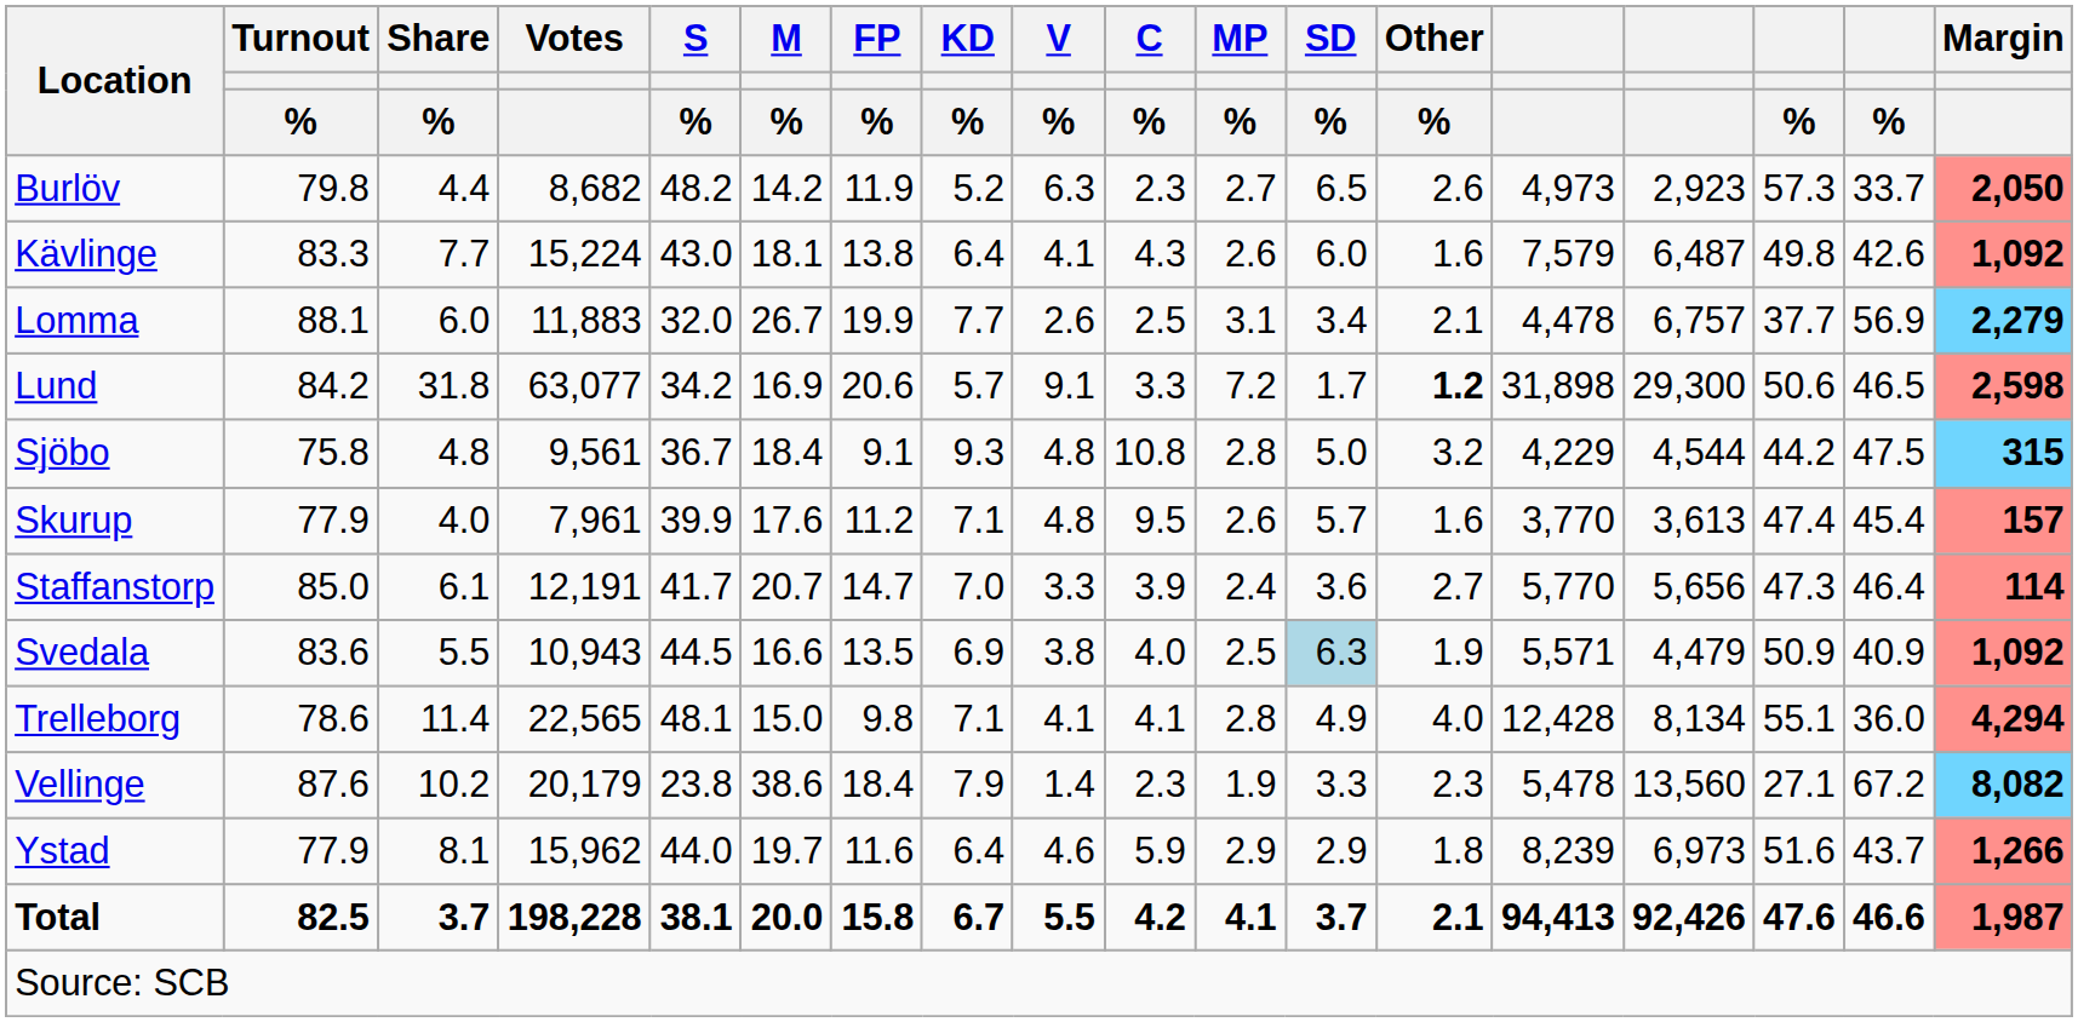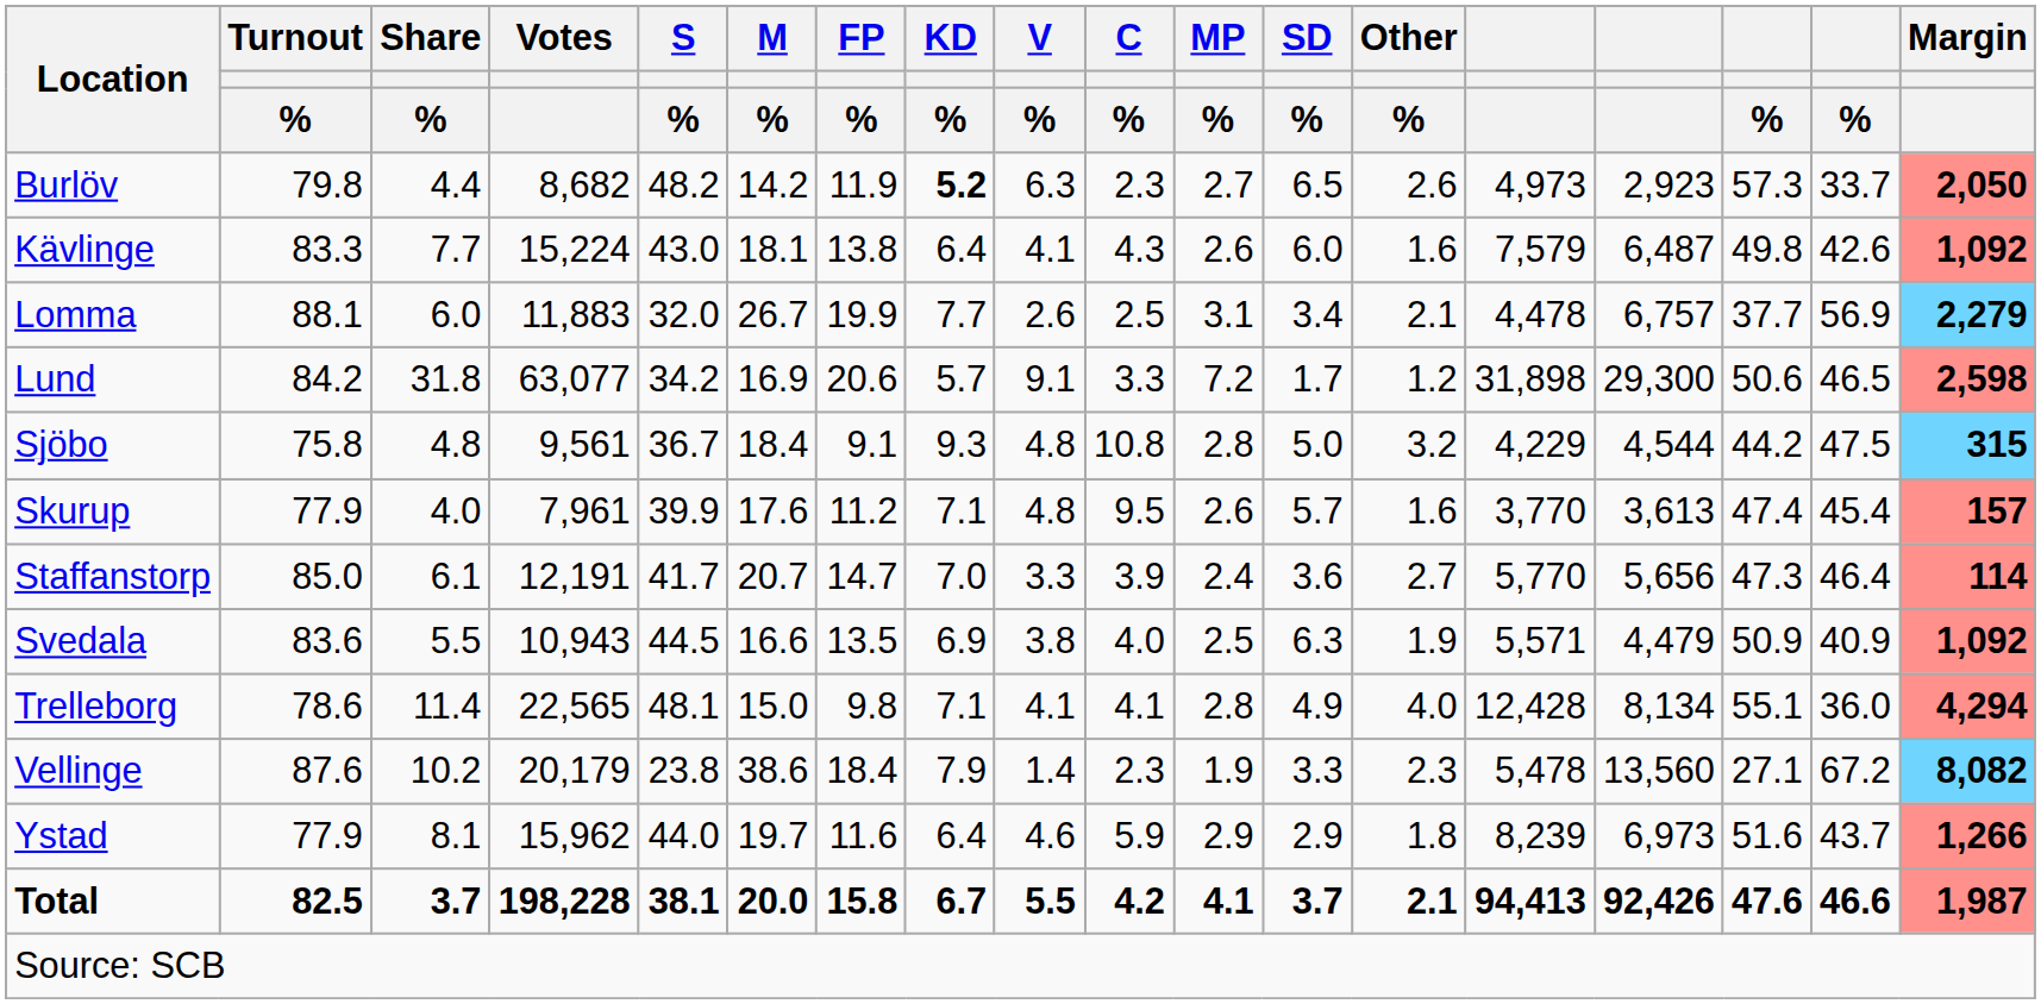 <table class="wikitable sortable" style="text-align:right; font-size:95%; line-height:20px;">
 <tr>
 <th rowspan="3">Location</th>
 <th>Turnout</th>
 <th>Share</th>
 <th>Votes</th>
 <th width="30px" class="unsortable"><a href='#'>S</a></th>
 <th width="30px" class="unsortable"><a href='#'>M</a></th>
 <th width="30px" class="unsortable"><a href='#'>FP</a></th>
 <th width="30px" class="unsortable"><a href='#'>KD</a></th>
 <th width="30px" class="unsortable"><a href='#'>V</a></th>
 <th width="30px" class="unsortable"><a href='#'>C</a></th>
 <th width="30px" class="unsortable"><a href='#'>MP</a></th>
 <th width="30px" class="unsortable"><a href='#'>SD</a></th>
 <th width="30px" class="unsortable">Other</th>
 <th></th>
 <th></th>
 <th></th>
 <th></th>
 <th>Margin</th>
 </tr>
 <tr>
 <th></th>
 <th></th>
 <th></th>
 <th style="background:"></th>
 <th style="background:"></th>
 <th style="background:"></th>
 <th style="background:"></th>
 <th style="background:"></th>
 <th style="background:"></th>
 <th style="background:"></th>
 <th style="background:"></th>
 <th style="background:"></th>
 <th style="background:"></th>
 <th style="background:"></th>
 <th style="background:"></th>
 <th style="background:"></th>
 <th></th>
 </tr>
 <tr>
 <th data-sort-type="number">%</th>
 <th data-sort-type="number">%</th>
 <th></th>
 <th data-sort-type="number">%</th>
 <th data-sort-type="number">%</th>
 <th data-sort-type="number">%</th>
 <th data-sort-type="number">%</th>
 <th data-sort-type="number">%</th>
 <th data-sort-type="number">%</th>
 <th data-sort-type="number">%</th>
 <th data-sort-type="number">%</th>
 <th data-sort-type="number">%</th>
 <th data-sort-type="number"></th>
 <th data-sort-type="number"></th>
 <th data-sort-type="number">%</th>
 <th data-sort-type="number">%</th>
 <th data-sort-type="number"></th>
 </tr>
 <tr>
 <td align=left><a href='#'>Burlöv</a></td>
 <td>79.8</td>
 <td>4.4</td>
 <td>8,682</td>
 <td>48.2</td>
 <td>14.2</td>
 <td>11.9</td>
-<td>5.2</td>
+<td><strong>5.2</strong></td>
 <td>6.3</td>
 <td>2.3</td>
 <td>2.7</td>
 <td>6.5</td>
 <td>2.6</td>
 <td>4,973</td>
 <td>2,923</td>
 <td>57.3</td>
 <td>33.7</td>
 <td bgcolor=#ff908c><strong>2,050</strong></td>
 </tr>
 <tr>
 <td align=left><a href='#'>Kävlinge</a></td>
 <td>83.3</td>
 <td>7.7</td>
 <td>15,224</td>
 <td>43.0</td>
 <td>18.1</td>
 <td>13.8</td>
 <td>6.4</td>
 <td>4.1</td>
 <td>4.3</td>
 <td>2.6</td>
 <td>6.0</td>
 <td>1.6</td>
 <td>7,579</td>
 <td>6,487</td>
 <td>49.8</td>
 <td>42.6</td>
 <td bgcolor=#ff908c><strong>1,092</strong></td>
 </tr>
 <tr>
 <td align=left><a href='#'>Lomma</a></td>
 <td>88.1</td>
 <td>6.0</td>
 <td>11,883</td>
 <td>32.0</td>
 <td>26.7</td>
 <td>19.9</td>
 <td>7.7</td>
 <td>2.6</td>
 <td>2.5</td>
 <td>3.1</td>
 <td>3.4</td>
 <td>2.1</td>
 <td>4,478</td>
 <td>6,757</td>
 <td>37.7</td>
 <td>56.9</td>
 <td bgcolor=#6fd5fe><strong>2,279</strong></td>
 </tr>
 <tr>
 <td align=left><a href='#'>Lund</a></td>
 <td>84.2</td>
 <td>31.8</td>
 <td>63,077</td>
 <td>34.2</td>
 <td>16.9</td>
 <td>20.6</td>
 <td>5.7</td>
 <td>9.1</td>
 <td>3.3</td>
 <td>7.2</td>
 <td>1.7</td>
-<td><strong>1.2</strong></td>
+<td>1.2</td>
 <td>31,898</td>
 <td>29,300</td>
 <td>50.6</td>
 <td>46.5</td>
 <td bgcolor=#ff908c><strong>2,598</strong></td>
 </tr>
 <tr>
 <td align=left><a href='#'>Sjöbo</a></td>
 <td>75.8</td>
 <td>4.8</td>
 <td>9,561</td>
 <td>36.7</td>
 <td>18.4</td>
 <td>9.1</td>
 <td>9.3</td>
 <td>4.8</td>
 <td>10.8</td>
 <td>2.8</td>
 <td>5.0</td>
 <td>3.2</td>
 <td>4,229</td>
 <td>4,544</td>
 <td>44.2</td>
 <td>47.5</td>
 <td bgcolor=#6fd5fe><strong>315</strong></td>
 </tr>
 <tr>
 <td align=left><a href='#'>Skurup</a></td>
 <td>77.9</td>
 <td>4.0</td>
 <td>7,961</td>
 <td>39.9</td>
 <td>17.6</td>
 <td>11.2</td>
 <td>7.1</td>
 <td>4.8</td>
 <td>9.5</td>
 <td>2.6</td>
 <td>5.7</td>
 <td>1.6</td>
 <td>3,770</td>
 <td>3,613</td>
 <td>47.4</td>
 <td>45.4</td>
 <td bgcolor=#ff908c><strong>157</strong></td>
 </tr>
 <tr>
 <td align=left><a href='#'>Staffanstorp</a></td>
 <td>85.0</td>
 <td>6.1</td>
 <td>12,191</td>
 <td>41.7</td>
 <td>20.7</td>
 <td>14.7</td>
 <td>7.0</td>
 <td>3.3</td>
 <td>3.9</td>
 <td>2.4</td>
 <td>3.6</td>
 <td>2.7</td>
 <td>5,770</td>
 <td>5,656</td>
 <td>47.3</td>
 <td>46.4</td>
 <td bgcolor=#ff908c><strong>114</strong></td>
 </tr>
 <tr>
 <td align=left><a href='#'>Svedala</a></td>
 <td>83.6</td>
 <td>5.5</td>
 <td>10,943</td>
 <td>44.5</td>
 <td>16.6</td>
 <td>13.5</td>
 <td>6.9</td>
 <td>3.8</td>
 <td>4.0</td>
 <td>2.5</td>
-<td style="background: lightblue;">6.3</td>
+<td>6.3</td>
 <td>1.9</td>
 <td>5,571</td>
 <td>4,479</td>
 <td>50.9</td>
 <td>40.9</td>
 <td bgcolor=#ff908c><strong>1,092</strong></td>
 </tr>
 <tr>
 <td align=left><a href='#'>Trelleborg</a></td>
 <td>78.6</td>
 <td>11.4</td>
 <td>22,565</td>
 <td>48.1</td>
 <td>15.0</td>
 <td>9.8</td>
 <td>7.1</td>
 <td>4.1</td>
 <td>4.1</td>
 <td>2.8</td>
 <td>4.9</td>
 <td>4.0</td>
 <td>12,428</td>
 <td>8,134</td>
 <td>55.1</td>
 <td>36.0</td>
 <td bgcolor=#ff908c><strong>4,294</strong></td>
 </tr>
 <tr>
 <td align=left><a href='#'>Vellinge</a></td>
 <td>87.6</td>
 <td>10.2</td>
 <td>20,179</td>
 <td>23.8</td>
 <td>38.6</td>
 <td>18.4</td>
 <td>7.9</td>
 <td>1.4</td>
 <td>2.3</td>
 <td>1.9</td>
 <td>3.3</td>
 <td>2.3</td>
 <td>5,478</td>
 <td>13,560</td>
 <td>27.1</td>
 <td>67.2</td>
 <td bgcolor=#6fd5fe><strong>8,082</strong></td>
 </tr>
 <tr>
 <td align=left><a href='#'>Ystad</a></td>
 <td>77.9</td>
 <td>8.1</td>
 <td>15,962</td>
 <td>44.0</td>
 <td>19.7</td>
 <td>11.6</td>
 <td>6.4</td>
 <td>4.6</td>
 <td>5.9</td>
 <td>2.9</td>
 <td>2.9</td>
 <td>1.8</td>
 <td>8,239</td>
 <td>6,973</td>
 <td>51.6</td>
 <td>43.7</td>
 <td bgcolor=#ff908c><strong>1,266</strong></td>
 </tr>
 <tr>
 <td align=left><strong>Total</strong></td>
 <td><strong>82.5</strong></td>
 <td><strong>3.7</strong></td>
 <td><strong>198,228</strong></td>
 <td><strong>38.1</strong></td>
 <td><strong>20.0</strong></td>
 <td><strong>15.8</strong></td>
 <td><strong>6.7</strong></td>
 <td><strong>5.5</strong></td>
 <td><strong>4.2</strong></td>
 <td><strong>4.1</strong></td>
 <td><strong>3.7</strong></td>
 <td><strong>2.1</strong></td>
 <td><strong>94,413</strong></td>
 <td><strong>92,426</strong></td>
 <td><strong>47.6</strong></td>
 <td><strong>46.6</strong></td>
 <td bgcolor=#ff908c><strong>1,987</strong></td>
 </tr>
 <tr>
 <td align=left colspan=18>Source: SCB </td>
 </tr>
 </table>
